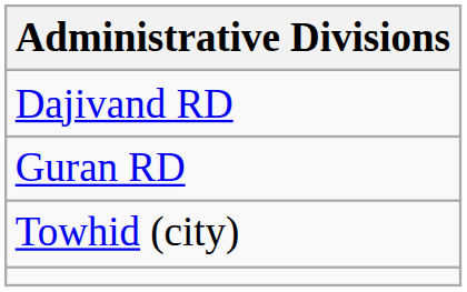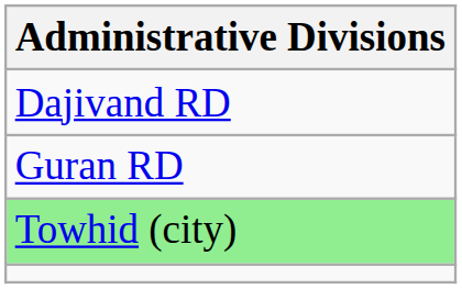 <table class="wikitable">
 <tr>
 <th>Administrative Divisions</th>
 </tr>
 <tr>
 <td><a href='#'>Dajivand RD</a></td>
 </tr>
 <tr>
 <td><a href='#'>Guran RD</a></td>
 </tr>
 <tr>
-<td><a href='#'>Towhid</a> (city)</td>
+<td style="background: lightgreen;"><a href='#'>Towhid</a> (city)</td>
 </tr>
 <tr>
 <td colspan=1></td>
 </tr>
 </table>
